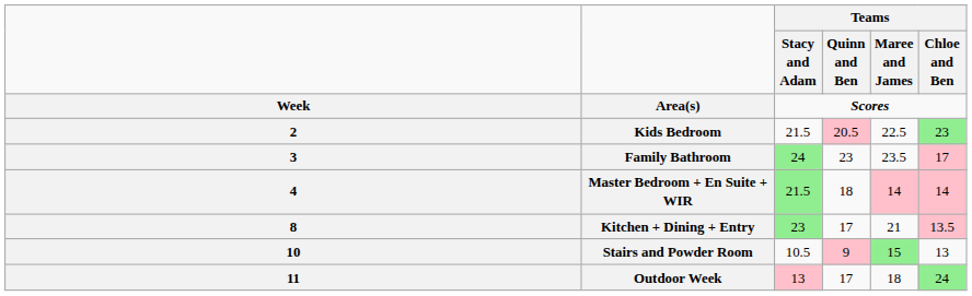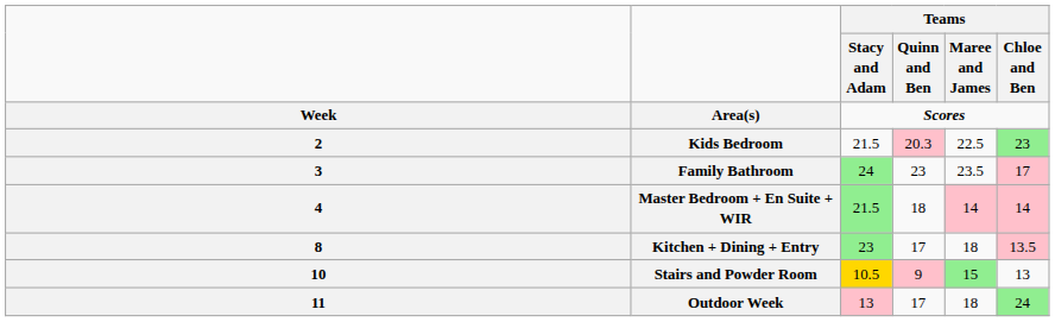 <table class="wikitable" style="text-align: center; font-size: 9pt; line-height:16px; width:65%">
 <tr>
 <td rowspan="2"></td>
 <td style="width:20%; text-align:right;" rowspan="2"></td>
 <th colspan="4">Teams</th>
 </tr>
 <tr>
 <th style="width:5%;" scope="col" style="background:#B87BF6; color:black;">Stacy and Adam</th>
 <th style="width:5%;" scope="col" style="background:orange; background-color:orange">Quinn and Ben</th>
 <th style="width:5%;" scope="col" style="background:yellow; color:black;">Maree and James</th>
 <th style="width:5%;" scope="col" style="background:skyblue; color:black;">Chloe and Ben</th>
 </tr>
 <tr>
 <th>Week</th>
 <th>Area(s)</th>
 <td colspan="4"><strong><em>Scores</em></strong></td>
 </tr>
 <tr>
 <th>2</th>
 <th style="width:5%;">Kids Bedroom</th>
 <td>21.5</td>
-<td bgcolor="pink">20.5</td>
+<td bgcolor="pink">20.3</td>
 <td>22.5</td>
 <td bgcolor="lightgreen">23</td>
 </tr>
 <tr>
 <th>3</th>
 <th>Family Bathroom</th>
 <td bgcolor="lightgreen">24</td>
 <td>23</td>
 <td>23.5</td>
 <td bgcolor="pink">17</td>
 </tr>
 <tr>
 <th>4</th>
 <th>Master Bedroom + En Suite + WIR</th>
 <td bgcolor="lightgreen">21.5</td>
 <td>18</td>
 <td bgcolor="pink">14</td>
 <td bgcolor="pink">14</td>
 </tr>
 <tr>
 <th>8</th>
 <th>Kitchen + Dining + Entry</th>
 <td bgcolor="lightgreen">23</td>
 <td>17</td>
-<td>21</td>
+<td>18</td>
 <td bgcolor="pink">13.5</td>
 </tr>
 <tr>
 <th>10</th>
 <th>Stairs and Powder Room</th>
-<td>10.5</td>
+<td style="background: gold;">10.5</td>
 <td bgcolor="pink">9</td>
 <td bgcolor="lightgreen">15</td>
 <td>13</td>
 </tr>
 <tr>
 <th>11</th>
 <th>Outdoor Week</th>
 <td bgcolor="pink">13</td>
 <td>17</td>
 <td>18</td>
 <td bgcolor="lightgreen">24</td>
 </tr>
 </table>
